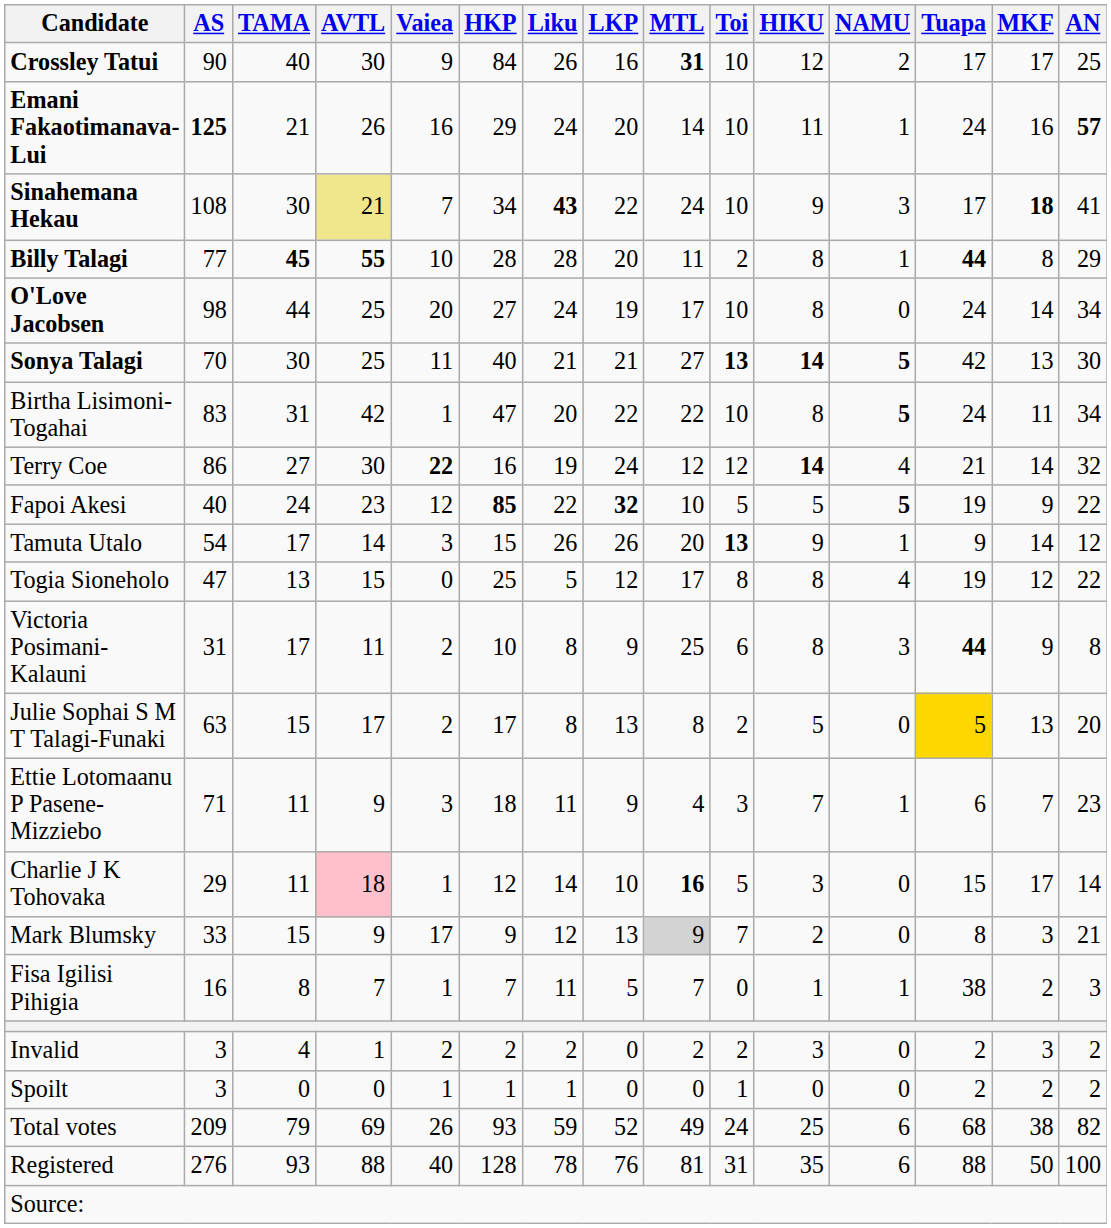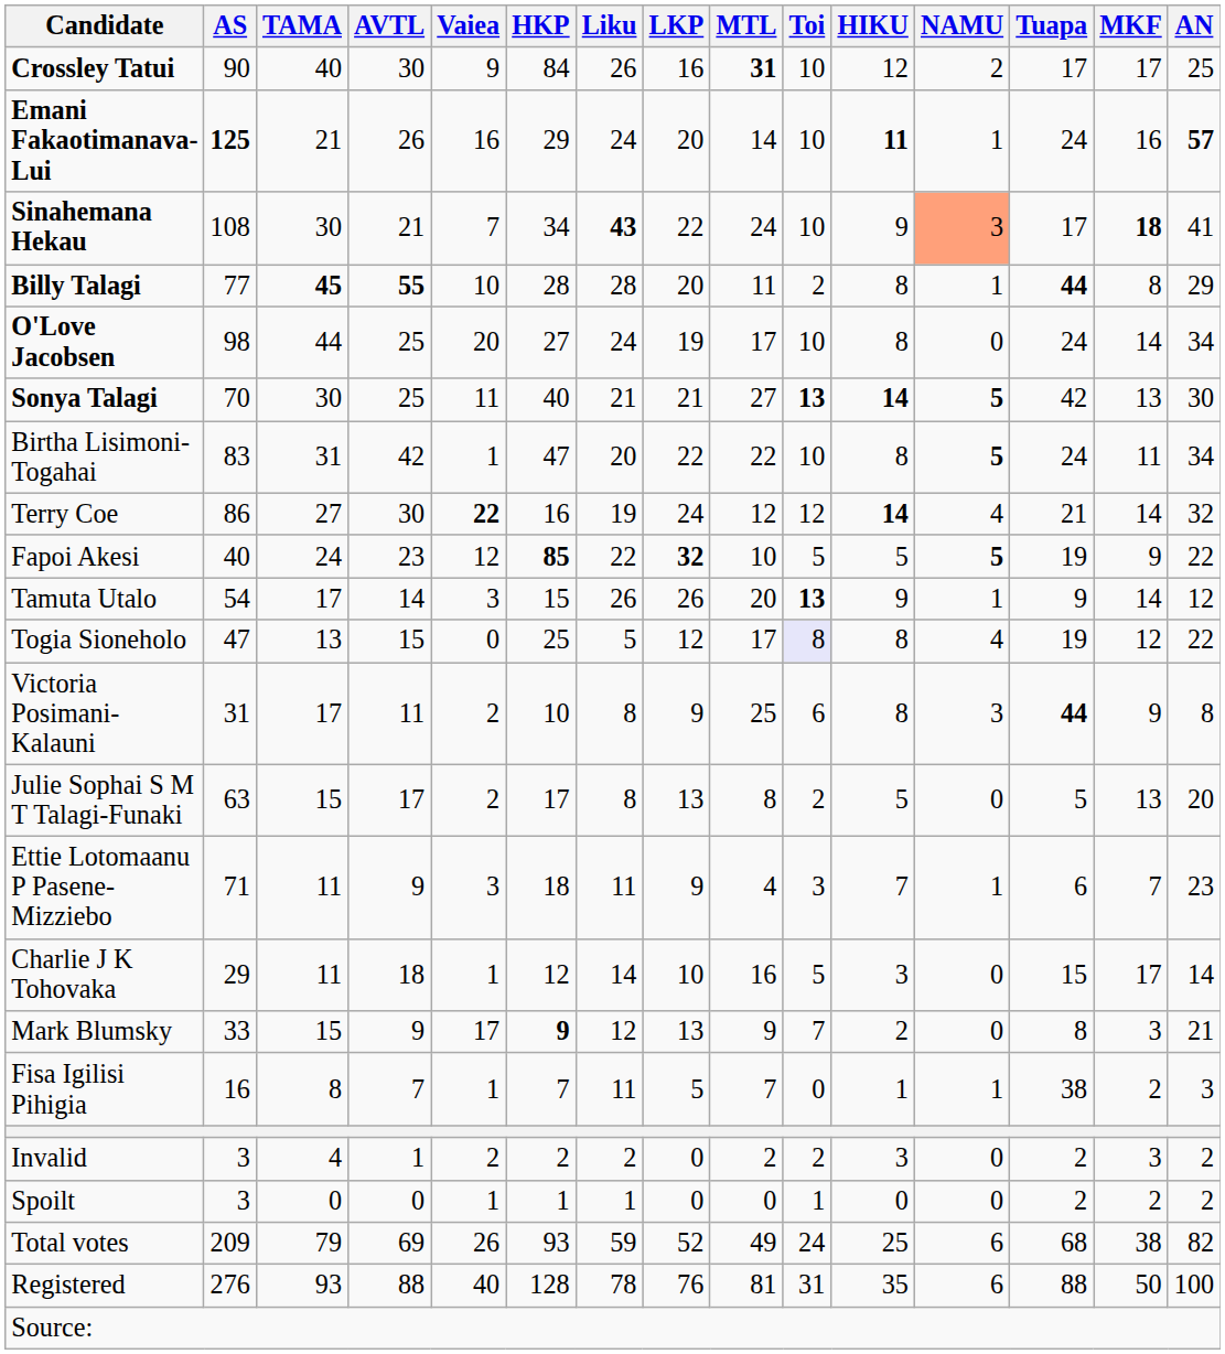 <table class="wikitable sortable" style="text-align:right">
 <tr>
 <th>Candidate</th>
 <th><a href='#'>AS</a></th>
 <th><a href='#'>TAMA</a></th>
 <th><a href='#'>AVTL</a></th>
 <th><a href='#'>Vaiea</a></th>
 <th><a href='#'>HKP</a></th>
 <th><a href='#'>Liku</a></th>
 <th><a href='#'>LKP</a></th>
 <th><a href='#'>MTL</a></th>
 <th><a href='#'>Toi</a></th>
 <th><a href='#'>HIKU</a></th>
 <th><a href='#'>NAMU</a></th>
 <th><a href='#'>Tuapa</a></th>
 <th><a href='#'>MKF</a></th>
 <th><a href='#'>AN</a></th>
 </tr>
 <tr>
 <td align=left><strong>Crossley Tatui</strong></td>
 <td>90</td>
 <td>40</td>
 <td>30</td>
 <td>9</td>
 <td>84</td>
 <td>26</td>
 <td>16</td>
 <td><strong>31</strong></td>
 <td>10</td>
 <td>12</td>
 <td>2</td>
 <td>17</td>
 <td>17</td>
 <td>25</td>
 </tr>
 <tr>
 <td align=left><strong>Emani Fakaotimanava-Lui</strong></td>
 <td><strong>125</strong></td>
 <td>21</td>
 <td>26</td>
 <td>16</td>
 <td>29</td>
 <td>24</td>
 <td>20</td>
 <td>14</td>
 <td>10</td>
-<td>11</td>
+<td><strong>11</strong></td>
 <td>1</td>
 <td>24</td>
 <td>16</td>
 <td><strong>57</strong></td>
 </tr>
 <tr>
 <td align=left><strong>Sinahemana Hekau</strong></td>
 <td>108</td>
 <td>30</td>
-<td style="background: khaki;">21</td>
+<td>21</td>
 <td>7</td>
 <td>34</td>
 <td><strong>43</strong></td>
 <td>22</td>
 <td>24</td>
 <td>10</td>
 <td>9</td>
-<td>3</td>
+<td style="background: lightsalmon;">3</td>
 <td>17</td>
 <td><strong>18</strong></td>
 <td>41</td>
 </tr>
 <tr>
 <td align=left><strong>Billy Talagi</strong></td>
 <td>77</td>
 <td><strong>45</strong></td>
 <td><strong>55</strong></td>
 <td>10</td>
 <td>28</td>
 <td>28</td>
 <td>20</td>
 <td>11</td>
 <td>2</td>
 <td>8</td>
 <td>1</td>
 <td><strong>44</strong></td>
 <td>8</td>
 <td>29</td>
 </tr>
 <tr>
 <td align=left><strong>O'Love Jacobsen</strong></td>
 <td>98</td>
 <td>44</td>
 <td>25</td>
 <td>20</td>
 <td>27</td>
 <td>24</td>
 <td>19</td>
 <td>17</td>
 <td>10</td>
 <td>8</td>
 <td>0</td>
 <td>24</td>
 <td>14</td>
 <td>34</td>
 </tr>
 <tr>
 <td align=left><strong>Sonya Talagi</strong></td>
 <td>70</td>
 <td>30</td>
 <td>25</td>
 <td>11</td>
 <td>40</td>
 <td>21</td>
 <td>21</td>
 <td>27</td>
 <td><strong>13</strong></td>
 <td><strong>14</strong></td>
 <td><strong>5</strong></td>
 <td>42</td>
 <td>13</td>
 <td>30</td>
 </tr>
 <tr>
 <td align=left>Birtha Lisimoni-Togahai</td>
 <td>83</td>
 <td>31</td>
 <td>42</td>
 <td>1</td>
 <td>47</td>
 <td>20</td>
 <td>22</td>
 <td>22</td>
 <td>10</td>
 <td>8</td>
 <td><strong>5</strong></td>
 <td>24</td>
 <td>11</td>
 <td>34</td>
 </tr>
 <tr>
 <td align=left>Terry Coe</td>
 <td>86</td>
 <td>27</td>
 <td>30</td>
 <td><strong>22</strong></td>
 <td>16</td>
 <td>19</td>
 <td>24</td>
 <td>12</td>
 <td>12</td>
 <td><strong>14</strong></td>
 <td>4</td>
 <td>21</td>
 <td>14</td>
 <td>32</td>
 </tr>
 <tr>
 <td align=left>Fapoi Akesi</td>
 <td>40</td>
 <td>24</td>
 <td>23</td>
 <td>12</td>
 <td><strong>85</strong></td>
 <td>22</td>
 <td><strong>32</strong></td>
 <td>10</td>
 <td>5</td>
 <td>5</td>
 <td><strong>5</strong></td>
 <td>19</td>
 <td>9</td>
 <td>22</td>
 </tr>
 <tr>
 <td align=left>Tamuta Utalo</td>
 <td>54</td>
 <td>17</td>
 <td>14</td>
 <td>3</td>
 <td>15</td>
 <td>26</td>
 <td>26</td>
 <td>20</td>
 <td><strong>13</strong></td>
 <td>9</td>
 <td>1</td>
 <td>9</td>
 <td>14</td>
 <td>12</td>
 </tr>
 <tr>
 <td align=left>Togia Sioneholo</td>
 <td>47</td>
 <td>13</td>
 <td>15</td>
 <td>0</td>
 <td>25</td>
 <td>5</td>
 <td>12</td>
 <td>17</td>
-<td>8</td>
+<td style="background: lavender;">8</td>
 <td>8</td>
 <td>4</td>
 <td>19</td>
 <td>12</td>
 <td>22</td>
 </tr>
 <tr>
 <td align=left>Victoria Posimani-Kalauni</td>
 <td>31</td>
 <td>17</td>
 <td>11</td>
 <td>2</td>
 <td>10</td>
 <td>8</td>
 <td>9</td>
 <td>25</td>
 <td>6</td>
 <td>8</td>
 <td>3</td>
 <td><strong>44</strong></td>
 <td>9</td>
 <td>8</td>
 </tr>
 <tr>
 <td align=left>Julie Sophai S M T Talagi-Funaki</td>
 <td>63</td>
 <td>15</td>
 <td>17</td>
 <td>2</td>
 <td>17</td>
 <td>8</td>
 <td>13</td>
 <td>8</td>
 <td>2</td>
 <td>5</td>
 <td>0</td>
-<td style="background: gold;">5</td>
+<td>5</td>
 <td>13</td>
 <td>20</td>
 </tr>
 <tr>
 <td align=left>Ettie Lotomaanu P Pasene-Mizziebo</td>
 <td>71</td>
 <td>11</td>
 <td>9</td>
 <td>3</td>
 <td>18</td>
 <td>11</td>
 <td>9</td>
 <td>4</td>
 <td>3</td>
 <td>7</td>
 <td>1</td>
 <td>6</td>
 <td>7</td>
 <td>23</td>
 </tr>
 <tr>
 <td align=left>Charlie J K Tohovaka</td>
 <td>29</td>
 <td>11</td>
-<td style="background: pink;">18</td>
+<td>18</td>
 <td>1</td>
 <td>12</td>
 <td>14</td>
 <td>10</td>
-<td><strong>16</strong></td>
+<td>16</td>
 <td>5</td>
 <td>3</td>
 <td>0</td>
 <td>15</td>
 <td>17</td>
 <td>14</td>
 </tr>
 <tr>
 <td align=left>Mark Blumsky</td>
 <td>33</td>
 <td>15</td>
 <td>9</td>
 <td>17</td>
-<td>9</td>
+<td><strong>9</strong></td>
 <td>12</td>
 <td>13</td>
-<td style="background: lightgrey;">9</td>
+<td>9</td>
 <td>7</td>
 <td>2</td>
 <td>0</td>
 <td>8</td>
 <td>3</td>
 <td>21</td>
 </tr>
 <tr>
 <td align=left>Fisa Igilisi Pihigia</td>
 <td>16</td>
 <td>8</td>
 <td>7</td>
 <td>1</td>
 <td>7</td>
 <td>11</td>
 <td>5</td>
 <td>7</td>
 <td>0</td>
 <td>1</td>
 <td>1</td>
 <td>38</td>
 <td>2</td>
 <td>3</td>
 </tr>
 <tr class=sortbottom>
 <th colspan=15></th>
 </tr>
 <tr class=sortbottom>
 <td align=left>Invalid</td>
 <td>3</td>
 <td>4</td>
 <td>1</td>
 <td>2</td>
 <td>2</td>
 <td>2</td>
 <td>0</td>
 <td>2</td>
 <td>2</td>
 <td>3</td>
 <td>0</td>
 <td>2</td>
 <td>3</td>
 <td>2</td>
 </tr>
 <tr class=sortbottom>
 <td align=left>Spoilt</td>
 <td>3</td>
 <td>0</td>
 <td>0</td>
 <td>1</td>
 <td>1</td>
 <td>1</td>
 <td>0</td>
 <td>0</td>
 <td>1</td>
 <td>0</td>
 <td>0</td>
 <td>2</td>
 <td>2</td>
 <td>2</td>
 </tr>
 <tr class=sortbottom>
 <td align=left>Total votes</td>
 <td>209</td>
 <td>79</td>
 <td>69</td>
 <td>26</td>
 <td>93</td>
 <td>59</td>
 <td>52</td>
 <td>49</td>
 <td>24</td>
 <td>25</td>
 <td>6</td>
 <td>68</td>
 <td>38</td>
 <td>82</td>
 </tr>
 <tr class=sortbottom>
 <td align=left>Registered</td>
 <td>276</td>
 <td>93</td>
 <td>88</td>
 <td>40</td>
 <td>128</td>
 <td>78</td>
 <td>76</td>
 <td>81</td>
 <td>31</td>
 <td>35</td>
 <td>6</td>
 <td>88</td>
 <td>50</td>
 <td>100</td>
 </tr>
 <tr>
 <td align=left colspan=15>Source: </td>
 </tr>
 </table>
